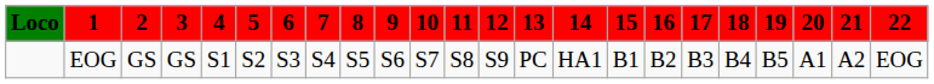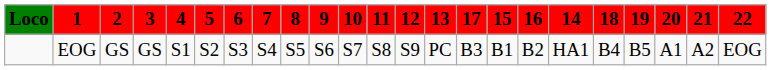 <table class="wikitable plainrowheaders unsortable" style="text-align:center">
 <tr>
 <th scope="col" rowspan="1" style="background:green;">Loco</th>
 <th scope="col" rowspan="1" style="background:red;">1</th>
 <th scope="col" rowspan="1" style="background:red;">2</th>
 <th scope="col" rowspan="1" style="background:red;">3</th>
 <th scope="col" rowspan="1" style="background:red;">4</th>
 <th scope="col" rowspan="1" style="background:red;">5</th>
 <th scope="col" rowspan="1" style="background:red;">6</th>
 <th scope="col" rowspan="1" style="background:red;">7</th>
 <th scope="col" rowspan="1" style="background:red;">8</th>
 <th scope="col" rowspan="1" style="background:red;">9</th>
 <th scope="col" rowspan="1" style="background:red;">10</th>
 <th scope="col" rowspan="1" style="background:red;">11</th>
 <th scope="col" rowspan="1" style="background:red;">12</th>
 <th scope="col" rowspan="1" style="background:red;">13</th>
-<th scope="col" rowspan="1" style="background:red;">14</th>
+<th scope="col" rowspan="1" style="background:red;">17</th>
 <th scope="col" rowspan="1" style="background:red;">15</th>
 <th scope="col" rowspan="1" style="background:red;">16</th>
-<th scope="col" rowspan="1" style="background:red;">17</th>
+<th scope="col" rowspan="1" style="background:red;">14</th>
 <th scope="col" rowspan="1" style="background:red;">18</th>
 <th scope="col" rowspan="1" style="background:red;">19</th>
 <th scope="col" rowspan="1" style="background:red;">20</th>
 <th scope="col" rowspan="1" style="background:red;">21</th>
 <th scope="col" rowspan="1" style="background:Red;">22</th>
 </tr>
 <tr>
 <td></td>
 <td>EOG</td>
 <td>GS</td>
 <td>GS</td>
 <td>S1</td>
 <td>S2</td>
 <td>S3</td>
 <td>S4</td>
 <td>S5</td>
 <td>S6</td>
 <td>S7</td>
 <td>S8</td>
 <td>S9</td>
 <td>PC</td>
-<td>HA1</td>
+<td>B3</td>
 <td>B1</td>
 <td>B2</td>
-<td>B3</td>
+<td>HA1</td>
 <td>B4</td>
 <td>B5</td>
 <td>A1</td>
 <td>A2</td>
 <td>EOG</td>
 </tr>
 </table>
